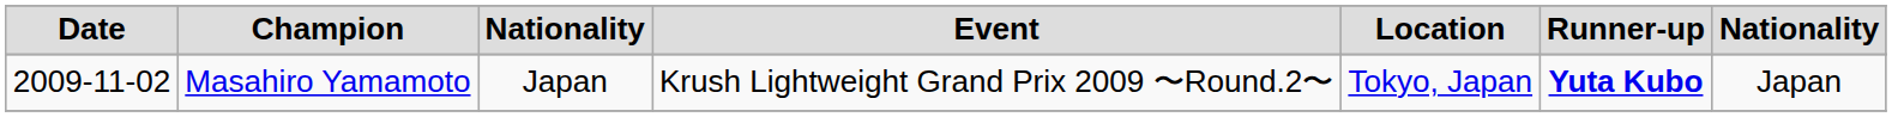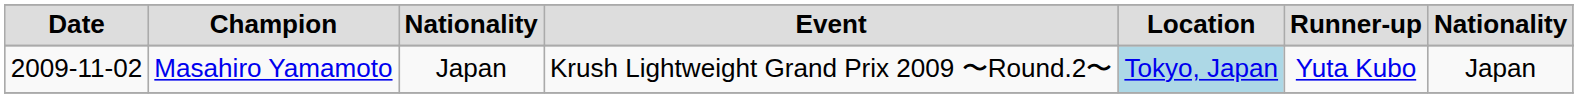 <table class="wikitable" style="text-align:center">
 <tr>
 </tr>
 <tr bgcolor="#dddddd">
 <td><strong>Date</strong></td>
 <td><strong>Champion</strong></td>
 <td><strong>Nationality</strong></td>
 <td><strong>Event</strong></td>
 <td><strong>Location</strong></td>
 <td><strong>Runner-up</strong></td>
 <td><strong>Nationality</strong></td>
 </tr>
 <tr>
 </tr>
 <tr>
 <td>2009-11-02</td>
 <td><a href='#'>Masahiro Yamamoto</a></td>
 <td> Japan</td>
 <td>Krush Lightweight Grand Prix 2009 〜Round.2〜</td>
-<td><a href='#'>Tokyo, Japan</a></td>
-<td><strong><a href='#'>Yuta Kubo</a></strong></td>
+<td style="background: lightblue;"><a href='#'>Tokyo, Japan</a></td>
+<td><a href='#'>Yuta Kubo</a></td>
 <td> Japan</td>
 </tr>
 <tr>
 </tr>
 </table>
